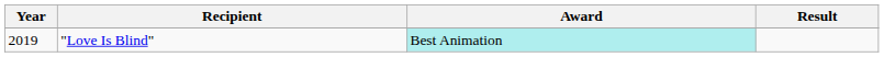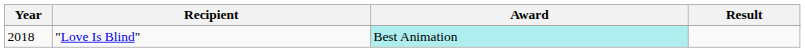 <table style="width: 75%;" class="wikitable">
 <tr>
 <th style="width:6%;">Year</th>
 <th style="width:40%;">Recipient</th>
 <th style="width:40%;">Award</th>
 <th style="width:14%;">Result</th>
 </tr>
 <tr>
 </tr>
 <tr>
-<td>2019</td>
+<td>2018</td>
 <td>"<a href='#'>Love Is Blind</a>"</td>
 <td style="background: paleturquoise;">Best Animation</td>
 <td></td>
 </tr>
 </table>
